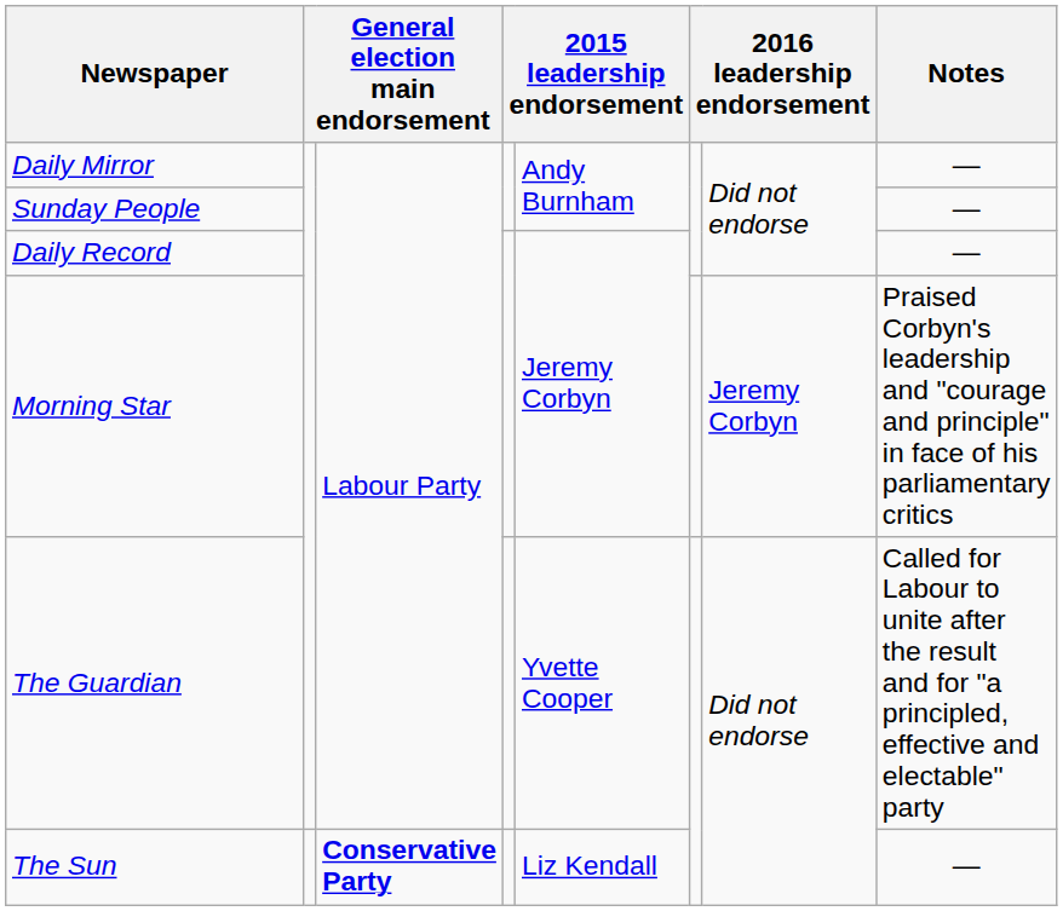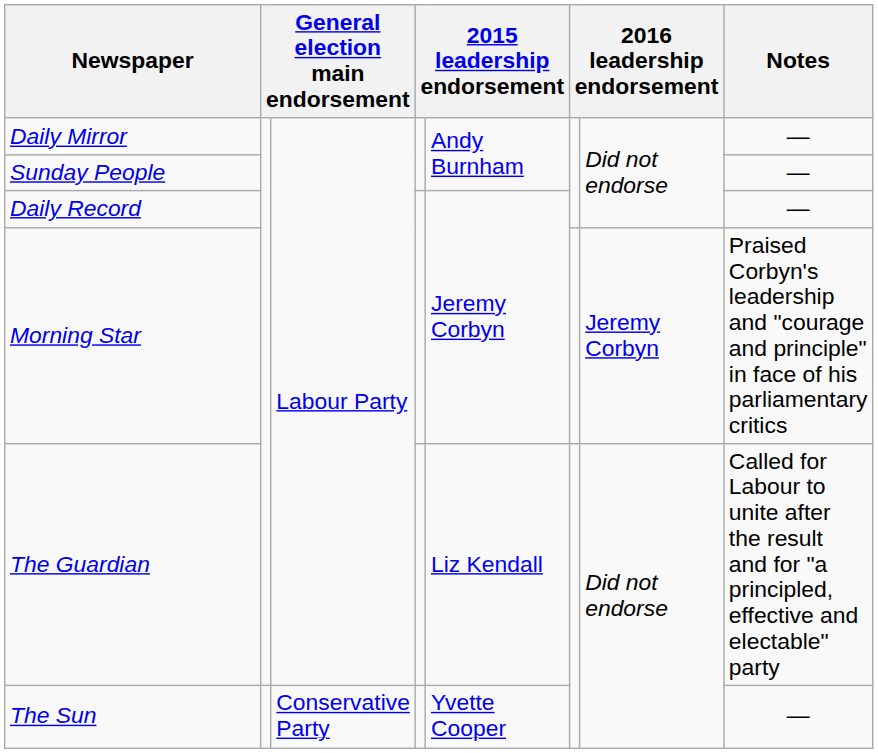 <table class="wikitable">
 <tr>
 <th style="width:200px;">Newspaper</th>
 <th colspan=2><a href='#'>General election</a><br>main endorsement</th>
 <th colspan=2><a href='#'>2015 leadership</a><br>endorsement</th>
 <th colspan=2>2016 leadership<br>endorsement</th>
 <th>Notes</th>
 </tr>
 <tr>
 <td><em><a href='#'>Daily Mirror</a></em></td>
 <td rowspan="5" style="background-color: "></td>
 <td rowspan="5"><a href='#'>Labour Party</a></td>
 <td rowspan="2" style="background-color: "></td>
 <td rowspan="2"><a href='#'>Andy Burnham</a></td>
 <td rowspan="3" style="background-color: "></td>
 <td rowspan="3"><em>Did not endorse</em></td>
 <td style="text-align: center;">—</td>
 </tr>
 <tr>
 <td><em><a href='#'>Sunday People</a></em></td>
 <td style="text-align: center;">—</td>
 </tr>
 <tr>
 <td><em><a href='#'>Daily Record</a></em></td>
 <td rowspan="2" style="background-color: "></td>
 <td rowspan="2"><a href='#'>Jeremy Corbyn</a></td>
 <td style="text-align: center;">—</td>
 </tr>
 <tr>
 <td><em><a href='#'>Morning Star</a></em></td>
 <td rowspan="1" style="background-color: "></td>
 <td rowspan="1"><a href='#'>Jeremy Corbyn</a></td>
 <td>Praised Corbyn's leadership and "courage and principle" in face of his parliamentary critics</td>
 </tr>
 <tr>
 <td><em><a href='#'>The Guardian</a></em></td>
 <td rowspan="1" style="background-color: "></td>
-<td><a href='#'>Yvette Cooper</a></td>
+<td rowspan="1"><a href='#'>Liz Kendall</a></td>
 <td rowspan="2" style="background-color: "></td>
 <td rowspan="2"><em>Did not endorse</em></td>
 <td>Called for Labour to unite after the result and for "a principled, effective and electable" party </td>
 </tr>
 <tr>
 <td><em><a href='#'>The Sun</a></em></td>
 <td style="background-color: "></td>
-<td><strong><a href='#'>Conservative Party</a></strong></td>
+<td><a href='#'>Conservative Party</a></td>
 <td rowspan="1" style="background-color: "></td>
-<td rowspan="1"><a href='#'>Liz Kendall</a></td>
+<td><a href='#'>Yvette Cooper</a></td>
 <td style="text-align: center;">—</td>
 </tr>
 </table>
